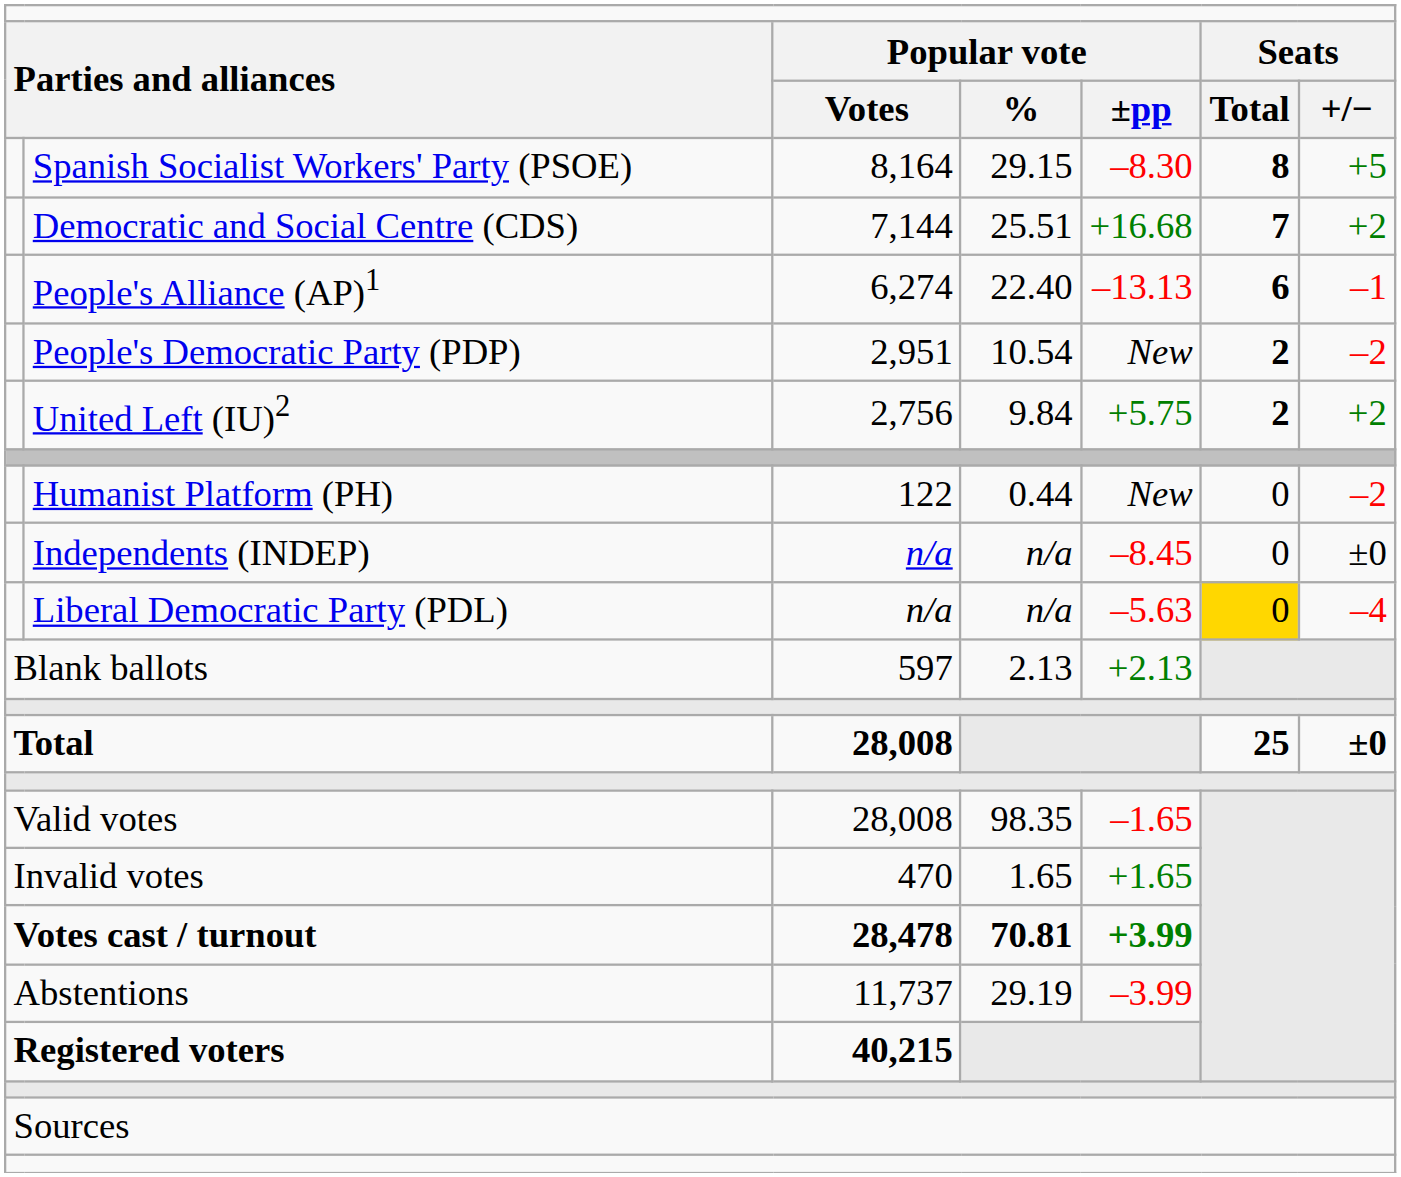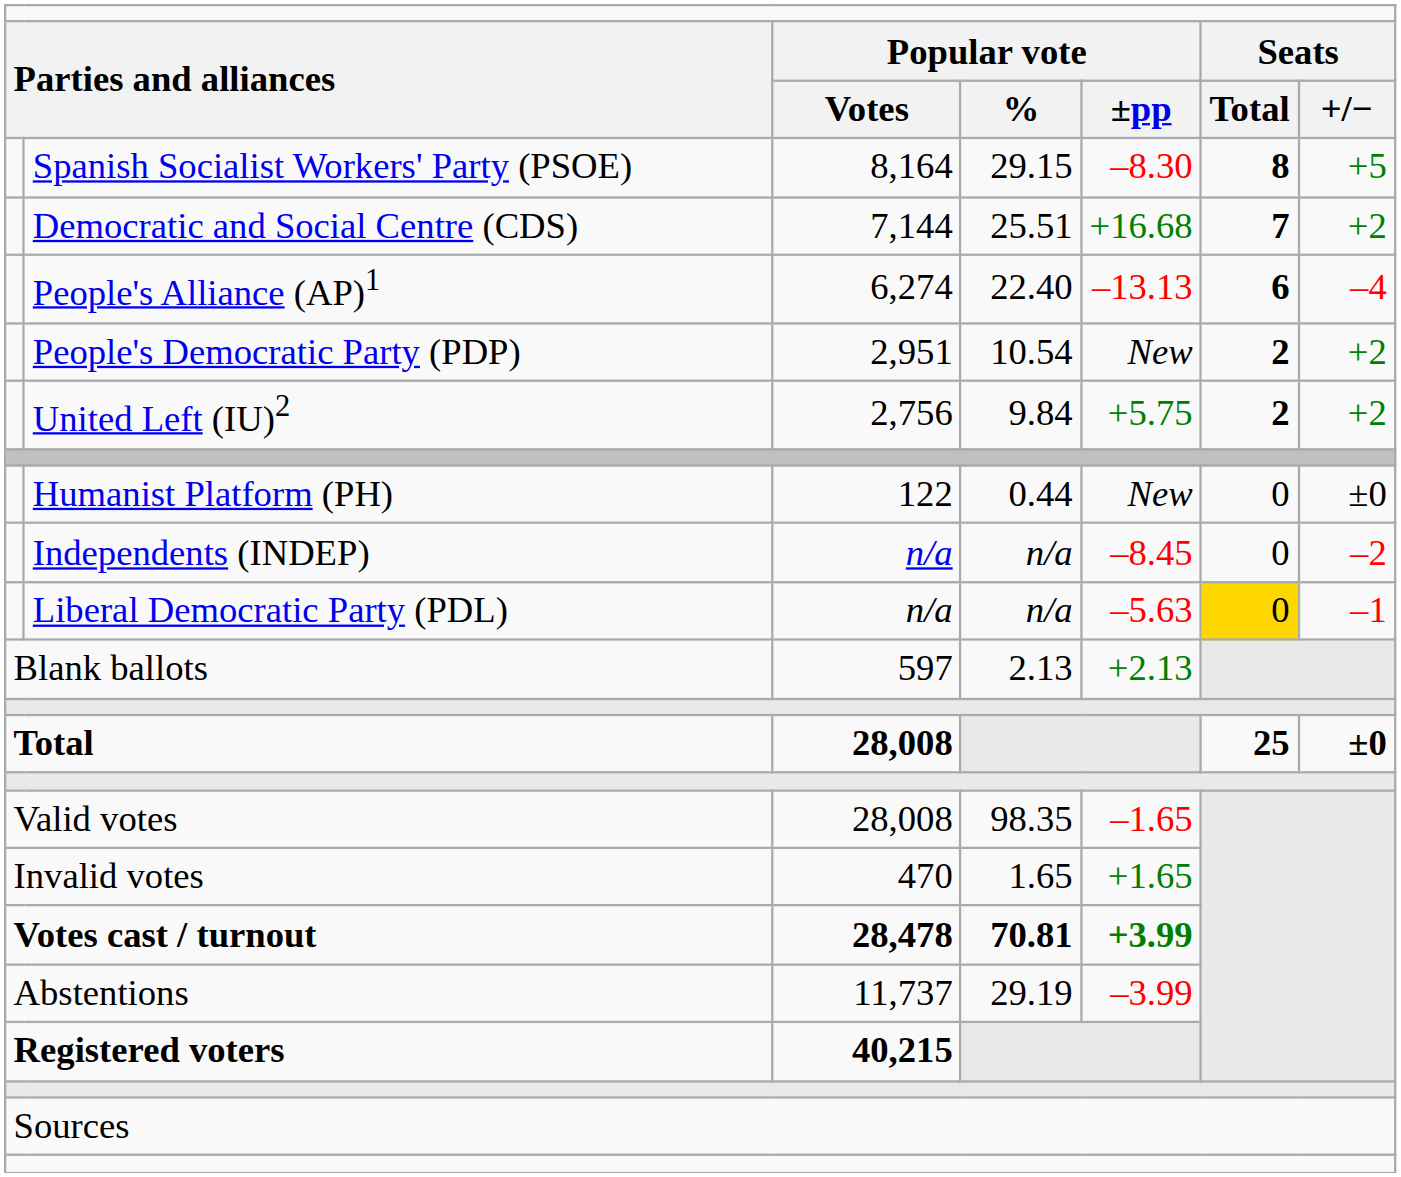 <table class="wikitable" style="text-align:right;">
 <tr>
 <td colspan="7"></td>
 </tr>
 <tr>
 <th style="text-align:left;" rowspan="2" colspan="2" width="525">Parties and alliances</th>
 <th colspan="3">Popular vote</th>
 <th colspan="2">Seats</th>
 </tr>
 <tr>
 <th width="75">Votes</th>
 <th width="45">%</th>
 <th width="45">±<a href='#'>pp</a></th>
 <th width="35">Total</th>
 <th width="35">+/−</th>
 </tr>
 <tr>
 <td width="1" style="color:inherit;background:"></td>
 <td align="left"><a href='#'>Spanish Socialist Workers' Party</a> (PSOE)</td>
 <td>8,164</td>
 <td>29.15</td>
 <td style="color:red;">–8.30</td>
 <td><strong>8</strong></td>
 <td style="color:green;">+5</td>
 </tr>
 <tr>
 <td style="color:inherit;background:"></td>
 <td align="left"><a href='#'>Democratic and Social Centre</a> (CDS)</td>
 <td>7,144</td>
 <td>25.51</td>
 <td style="color:green;">+16.68</td>
 <td><strong>7</strong></td>
 <td style="color:green;">+2</td>
 </tr>
 <tr>
 <td style="color:inherit;background:"></td>
 <td align="left"><a href='#'>People's Alliance</a> (AP)<sup>1</sup></td>
 <td>6,274</td>
 <td>22.40</td>
 <td style="color:red;">–13.13</td>
 <td><strong>6</strong></td>
-<td style="color:red;">–1</td>
+<td style="color:red;">–4</td>
 </tr>
 <tr>
 <td style="color:inherit;background:"></td>
 <td align="left"><a href='#'>People's Democratic Party</a> (PDP)</td>
 <td>2,951</td>
 <td>10.54</td>
 <td><em>New</em></td>
 <td><strong>2</strong></td>
-<td style="color:red;">–2</td>
+<td style="color:green;">+2</td>
 </tr>
 <tr>
 <td style="color:inherit;background:"></td>
 <td align="left"><a href='#'>United Left</a> (IU)<sup>2</sup></td>
 <td>2,756</td>
 <td>9.84</td>
 <td style="color:green;">+5.75</td>
 <td><strong>2</strong></td>
 <td style="color:green;">+2</td>
 </tr>
 <tr>
 <td colspan="7" bgcolor="#C0C0C0"></td>
 </tr>
 <tr>
 <td style="color:inherit;background:"></td>
 <td align="left"><a href='#'>Humanist Platform</a> (PH)</td>
 <td>122</td>
 <td>0.44</td>
 <td><em>New</em></td>
 <td>0</td>
-<td style="color:red;">–2</td>
+<td>±0</td>
 </tr>
 <tr>
 <td style="color:inherit;background:"></td>
 <td align="left"><a href='#'>Independents</a> (INDEP)</td>
 <td><em><a href='#'>n/a</a></em></td>
 <td><em>n/a</em></td>
 <td style="color:red;">–8.45</td>
 <td>0</td>
-<td>±0</td>
+<td style="color:red;">–2</td>
 </tr>
 <tr>
 <td style="color:inherit;background:"></td>
 <td align="left"><a href='#'>Liberal Democratic Party</a> (PDL)</td>
 <td><em>n/a</em></td>
 <td><em>n/a</em></td>
 <td style="color:red;">–5.63</td>
 <td style="background: gold;">0</td>
-<td style="color:red;">–4</td>
+<td style="color:red;">–1</td>
 </tr>
 <tr>
 <td align="left" colspan="2">Blank ballots</td>
 <td>597</td>
 <td>2.13</td>
 <td style="color:green;">+2.13</td>
 <td bgcolor="#E9E9E9" colspan="2"></td>
 </tr>
 <tr>
 <td colspan="7" bgcolor="#E9E9E9"></td>
 </tr>
 <tr style="font-weight:bold;">
 <td align="left" colspan="2">Total</td>
 <td>28,008</td>
 <td bgcolor="#E9E9E9" colspan="2"></td>
 <td>25</td>
 <td>±0</td>
 </tr>
 <tr>
 <td colspan="7" bgcolor="#E9E9E9"></td>
 </tr>
 <tr>
 <td align="left" colspan="2">Valid votes</td>
 <td>28,008</td>
 <td>98.35</td>
 <td style="color:red;">–1.65</td>
 <td bgcolor="#E9E9E9" colspan="2" rowspan="5"></td>
 </tr>
 <tr>
 <td align="left" colspan="2">Invalid votes</td>
 <td>470</td>
 <td>1.65</td>
 <td style="color:green;">+1.65</td>
 </tr>
 <tr style="font-weight:bold;">
 <td align="left" colspan="2">Votes cast / turnout</td>
 <td>28,478</td>
 <td>70.81</td>
 <td style="color:green;">+3.99</td>
 </tr>
 <tr>
 <td align="left" colspan="2">Abstentions</td>
 <td>11,737</td>
 <td>29.19</td>
 <td style="color:red;">–3.99</td>
 </tr>
 <tr style="font-weight:bold;">
 <td align="left" colspan="2">Registered voters</td>
 <td>40,215</td>
 <td bgcolor="#E9E9E9" colspan="2"></td>
 </tr>
 <tr>
 <td colspan="7" bgcolor="#E9E9E9"></td>
 </tr>
 <tr>
 <td align="left" colspan="7">Sources</td>
 </tr>
 <tr>
 <td colspan="7" style="text-align:left; max-width:790px;"></td>
 </tr>
 </table>
